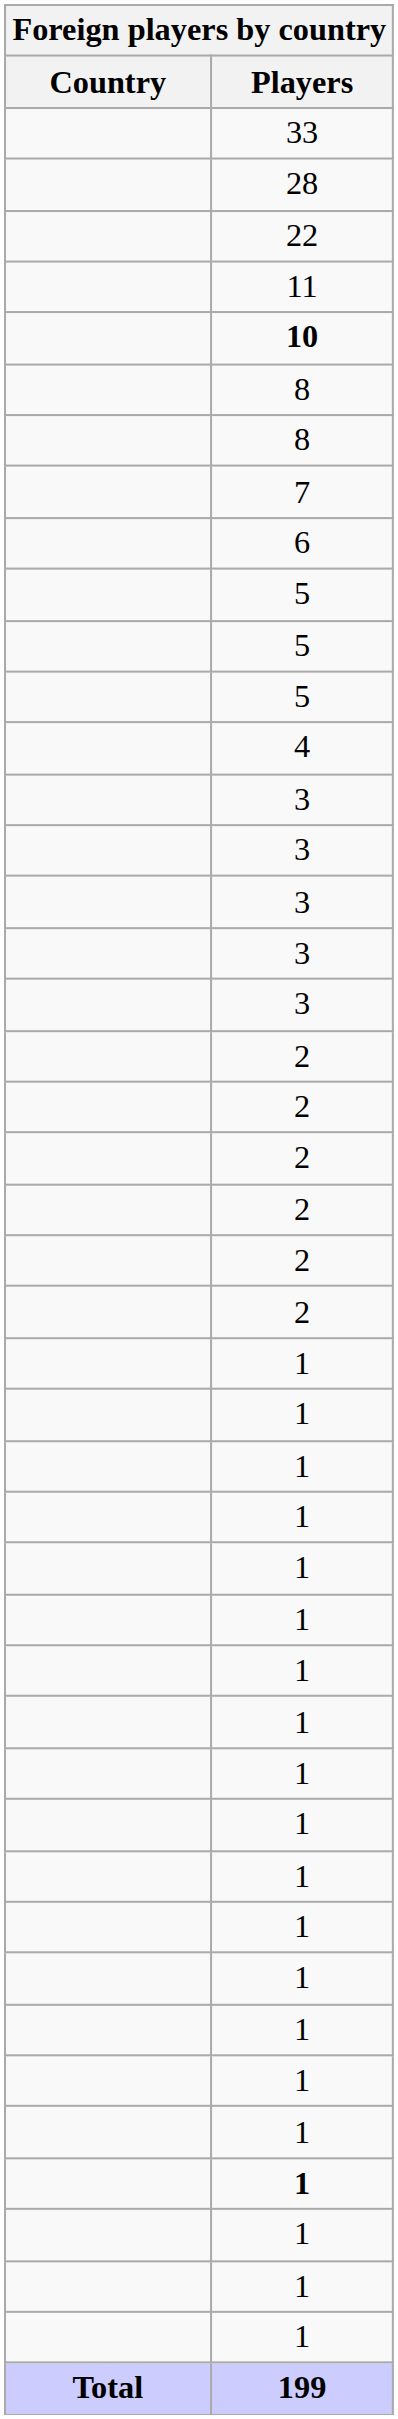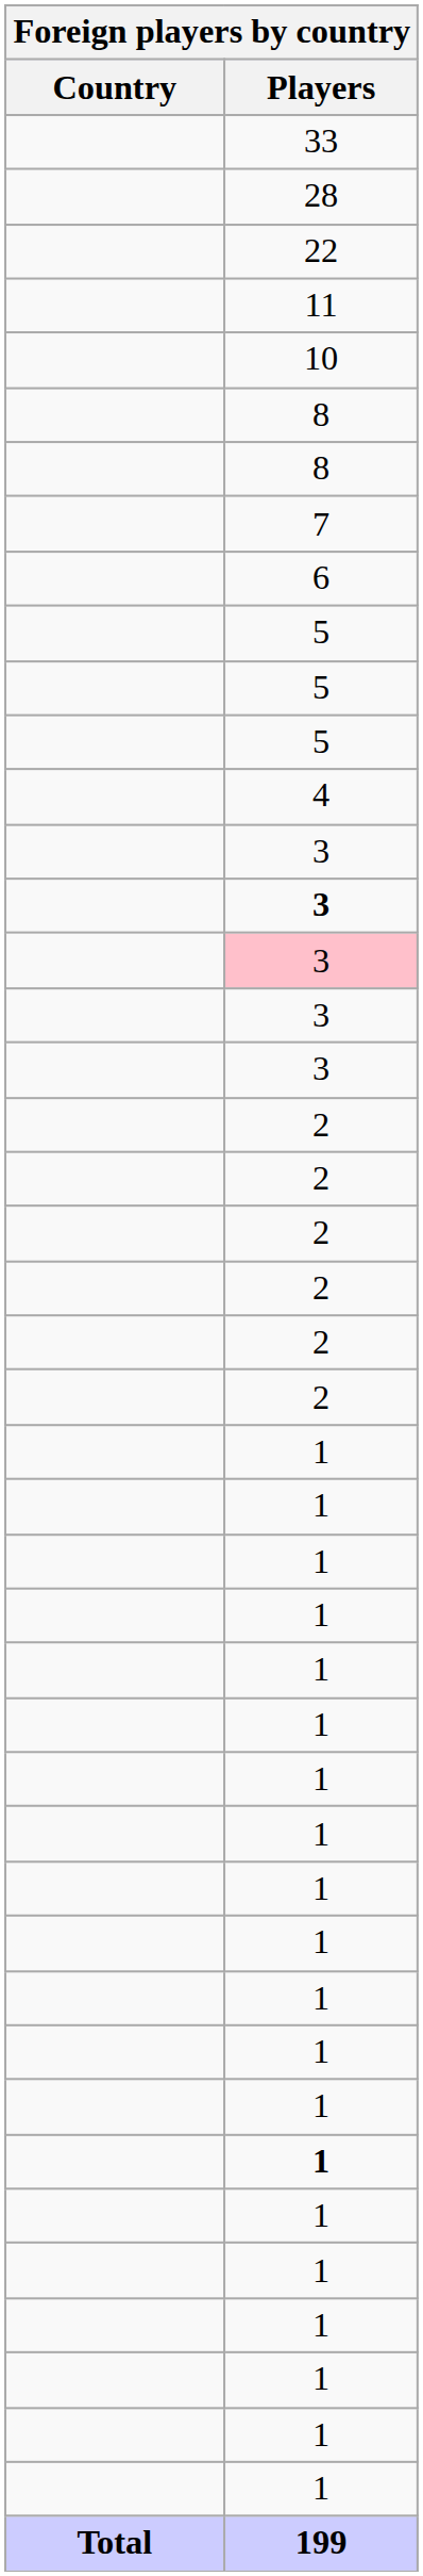 <table class="wikitable" border=1 cellpadding="3">
 <tr bgcolor=#ccf>
 <th colspan=2 bgcolor=#ccf><strong>Foreign players by country</strong></th>
 </tr>
 <tr>
 <th>Country</th>
 <th>Players</th>
 </tr>
 <tr>
 <td></td>
 <td align="center">33</td>
 </tr>
 <tr>
 <td></td>
 <td align="center">28</td>
 </tr>
 <tr>
 <td></td>
 <td align="center">22</td>
 </tr>
 <tr>
 <td></td>
 <td align="center">11</td>
 </tr>
 <tr>
 <td></td>
-<td align="center"><strong>10</strong></td>
+<td align="center">10</td>
 </tr>
 <tr>
 <td></td>
 <td align="center">8</td>
 </tr>
 <tr>
 <td></td>
 <td align="center">8</td>
 </tr>
 <tr>
 <td></td>
 <td align="center">7</td>
 </tr>
 <tr>
 <td></td>
 <td align="center">6</td>
 </tr>
 <tr>
 <td></td>
 <td align="center">5</td>
 </tr>
 <tr>
 <td></td>
 <td align="center">5</td>
 </tr>
 <tr>
 <td></td>
 <td align="center">5</td>
 </tr>
 <tr>
 <td></td>
 <td align="center">4</td>
 </tr>
 <tr>
 <td></td>
 <td align="center">3</td>
 </tr>
 <tr>
 <td></td>
-<td align="center">3</td>
+<td align="center"><strong>3</strong></td>
 </tr>
 <tr>
 <td></td>
-<td align="center">3</td>
+<td align="center" style="background: pink;">3</td>
 </tr>
 <tr>
 <td></td>
 <td align="center">3</td>
 </tr>
 <tr>
 <td></td>
 <td align="center">3</td>
 </tr>
 <tr>
 <td></td>
 <td align="center">2</td>
 </tr>
 <tr>
 <td></td>
 <td align="center">2</td>
 </tr>
 <tr>
 <td></td>
 <td align="center">2</td>
 </tr>
 <tr>
 <td></td>
 <td align="center">2</td>
 </tr>
 <tr>
 <td></td>
 <td align="center">2</td>
 </tr>
 <tr>
 <td></td>
 <td align="center">2</td>
 </tr>
 <tr>
 <td></td>
 <td align="center">1</td>
 </tr>
 <tr>
 <td></td>
 <td align="center">1</td>
 </tr>
 <tr>
 <td></td>
 <td align="center">1</td>
 </tr>
 <tr>
 <td></td>
 <td align="center">1</td>
 </tr>
 <tr>
 <td></td>
 <td align="center">1</td>
 </tr>
 <tr>
 <td></td>
 <td align="center">1</td>
 </tr>
 <tr>
 <td></td>
 <td align="center">1</td>
 </tr>
 <tr>
 <td></td>
 <td align="center">1</td>
 </tr>
 <tr>
 <td></td>
 <td align="center">1</td>
 </tr>
 <tr>
 <td></td>
 <td align="center">1</td>
 </tr>
 <tr>
 <td></td>
 <td align="center">1</td>
 </tr>
 <tr>
 <td></td>
 <td align="center">1</td>
 </tr>
 <tr>
 <td></td>
 <td align="center">1</td>
 </tr>
 <tr>
 <td></td>
-<td align="center">1</td>
+<td align="center"><strong>1</strong></td>
 </tr>
 <tr>
 <td></td>
 <td align="center">1</td>
 </tr>
 <tr>
 <td></td>
 <td align="center">1</td>
 </tr>
 <tr>
 <td></td>
-<td align="center"><strong>1</strong></td>
+<td align="center">1</td>
 </tr>
 <tr>
 <td></td>
 <td align="center">1</td>
 </tr>
 <tr>
 <td></td>
 <td align="center">1</td>
 </tr>
 <tr>
 <td></td>
 <td align="center">1</td>
 </tr>
 <tr>
 <td align="center" bgcolor=#ccf><strong>Total</strong></td>
 <td align="center" bgcolor=#ccf><strong>199</strong></td>
 </tr>
 </table>
